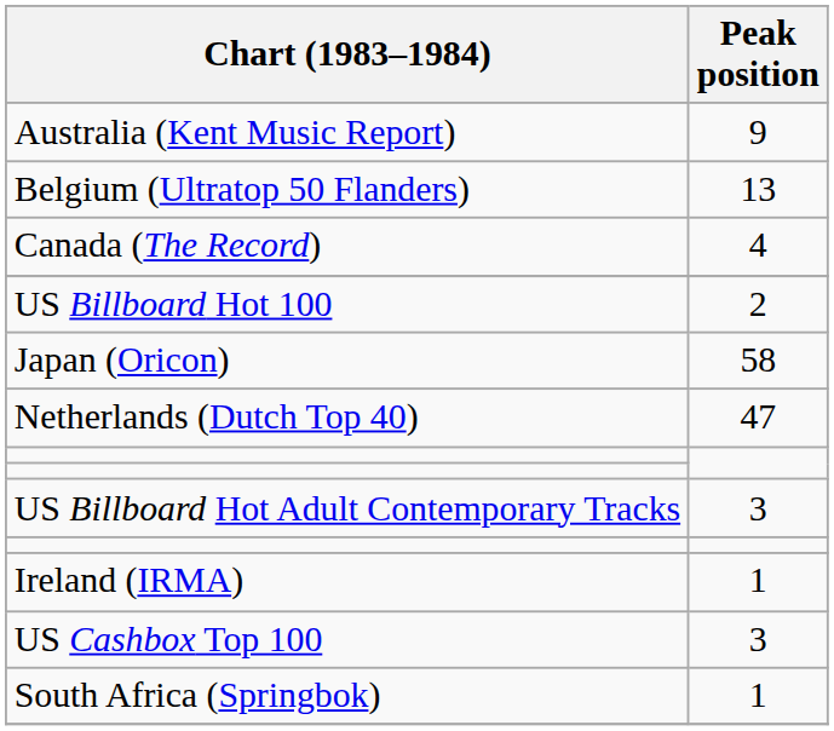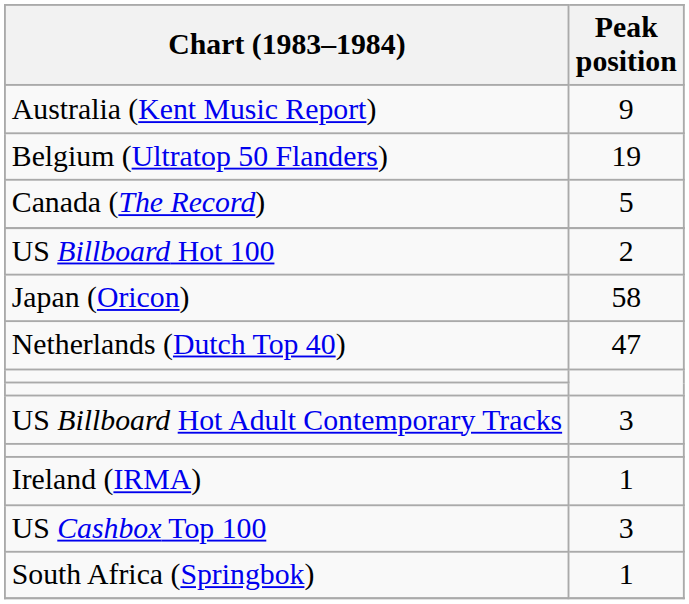 <table class="wikitable sortable">
 <tr>
 <th>Chart (1983–1984)</th>
 <th>Peak<br>position</th>
 </tr>
 <tr>
 <td>Australia (<a href='#'>Kent Music Report</a>)</td>
 <td align="center">9</td>
 </tr>
 <tr>
 <td>Belgium (<a href='#'>Ultratop 50 Flanders</a>)</td>
-<td align="center">13</td>
+<td align="center">19</td>
 </tr>
 <tr>
 <td>Canada (<a href='#'><em>The Record</em></a>)</td>
-<td align="center">4</td>
+<td align="center">5</td>
 </tr>
 <tr>
 </tr>
 <tr>
 <td>US <a href='#'><em>Billboard</em> Hot 100</a></td>
 <td align="center">2</td>
 </tr>
 <tr>
 <td>Japan (<a href='#'>Oricon</a>)</td>
 <td align="center">58</td>
 </tr>
 <tr>
 <td>Netherlands (<a href='#'>Dutch Top 40</a>)</td>
 <td align="center">47</td>
 </tr>
 <tr>
 <td></td>
 </tr>
 <tr>
 <td></td>
 </tr>
 <tr>
 <td>US <em>Billboard</em> <a href='#'>Hot Adult Contemporary Tracks</a></td>
 <td style="text-align:center;">3</td>
 </tr>
 <tr>
 <td></td>
 </tr>
 <tr>
 <td>Ireland (<a href='#'>IRMA</a>)</td>
 <td align="center">1</td>
 </tr>
 <tr>
 <td>US <a href='#'><em>Cashbox</em> Top 100</a></td>
 <td align="center">3</td>
 </tr>
 <tr>
 <td>South Africa (<a href='#'>Springbok</a>)</td>
 <td align="center">1</td>
 </tr>
 <tr>
 </tr>
 </table>
